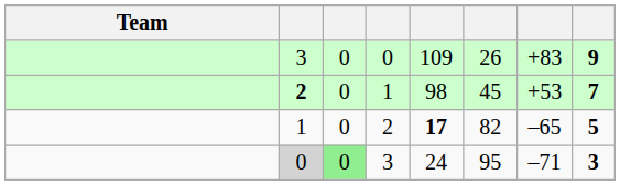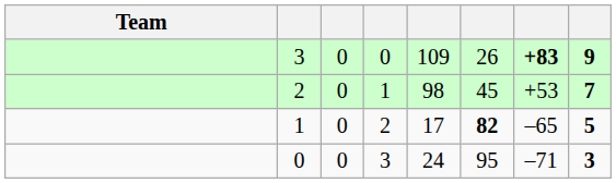 <table class="wikitable" style="text-align:center;">
 <tr>
 <th style="width:12em;">Team</th>
 <th style="width:1.5em;"></th>
 <th style="width:1.5em;"></th>
 <th style="width:1.5em;"></th>
 <th style="width:2.0em;"></th>
 <th style="width:2.0em;"></th>
 <th style="width:2.0em;"></th>
 <th style="width:1.5em;"></th>
 </tr>
 <tr bgcolor=#cfc>
 <td align="left"></td>
 <td>3</td>
 <td>0</td>
 <td>0</td>
 <td>109</td>
 <td>26</td>
-<td>+83</td>
+<td><strong>+83</strong></td>
 <td><strong>9</strong></td>
 </tr>
 <tr bgcolor=#cfc>
 <td align="left"></td>
-<td><strong>2</strong></td>
+<td>2</td>
 <td>0</td>
 <td>1</td>
 <td>98</td>
 <td>45</td>
 <td>+53</td>
 <td><strong>7</strong></td>
 </tr>
 <tr>
 <td align="left"></td>
 <td>1</td>
 <td>0</td>
 <td>2</td>
-<td><strong>17</strong></td>
-<td>82</td>
+<td>17</td>
+<td><strong>82</strong></td>
 <td>–65</td>
 <td><strong>5</strong></td>
 </tr>
 <tr>
 <td align="left"></td>
-<td style="background: lightgrey;">0</td>
-<td style="background: lightgreen;">0</td>
+<td>0</td>
+<td>0</td>
 <td>3</td>
 <td>24</td>
 <td>95</td>
 <td>–71</td>
 <td><strong>3</strong></td>
 </tr>
 </table>
